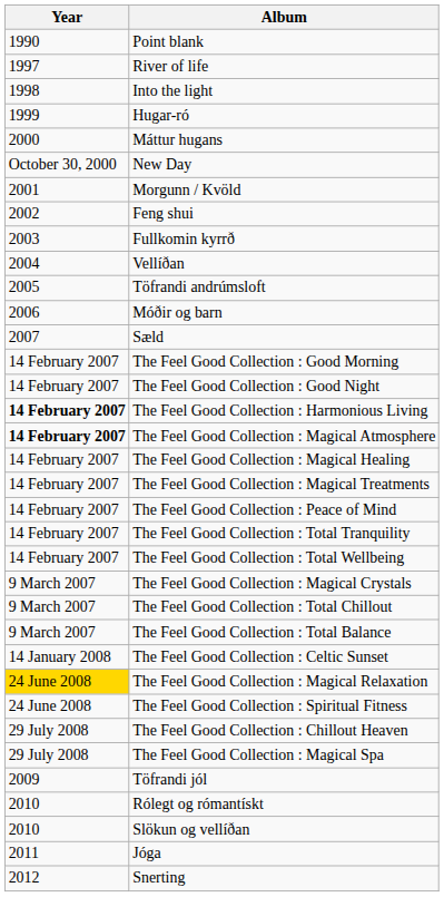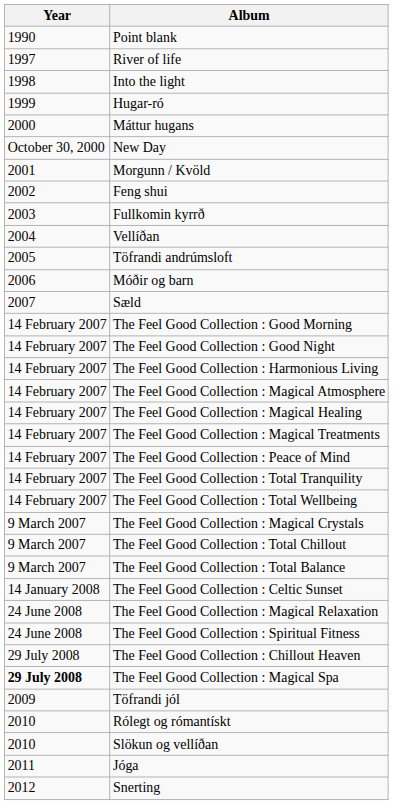 <table class="wikitable">
 <tr>
 <th>Year</th>
 <th>Album</th>
 </tr>
 <tr>
 <td>1990</td>
 <td>Point blank</td>
 </tr>
 <tr>
 <td>1997</td>
 <td>River of life</td>
 </tr>
 <tr>
 <td>1998</td>
 <td>Into the light</td>
 </tr>
 <tr>
 <td>1999</td>
 <td>Hugar-ró</td>
 </tr>
 <tr>
 <td>2000</td>
 <td>Máttur hugans</td>
 </tr>
 <tr>
 <td>October 30, 2000</td>
 <td>New Day</td>
 </tr>
 <tr>
 <td>2001</td>
 <td>Morgunn / Kvöld</td>
 </tr>
 <tr>
 <td>2002</td>
 <td>Feng shui</td>
 </tr>
 <tr>
 <td>2003</td>
 <td>Fullkomin kyrrð</td>
 </tr>
 <tr>
 <td>2004</td>
 <td>Vellíðan</td>
 </tr>
 <tr>
 <td>2005</td>
 <td>Töfrandi andrúmsloft</td>
 </tr>
 <tr>
 <td>2006</td>
 <td>Móðir og barn</td>
 </tr>
 <tr>
 <td>2007</td>
 <td>Sæld</td>
 </tr>
 <tr>
 <td>14 February 2007</td>
 <td>The Feel Good Collection : Good Morning</td>
 </tr>
 <tr>
 <td>14 February 2007</td>
 <td>The Feel Good Collection : Good Night</td>
 </tr>
 <tr>
-<td><strong>14 February 2007</strong></td>
+<td>14 February 2007</td>
 <td>The Feel Good Collection : Harmonious Living</td>
 </tr>
 <tr>
-<td><strong>14 February 2007</strong></td>
+<td>14 February 2007</td>
 <td>The Feel Good Collection : Magical Atmosphere</td>
 </tr>
 <tr>
 <td>14 February 2007</td>
 <td>The Feel Good Collection : Magical Healing</td>
 </tr>
 <tr>
 <td>14 February 2007</td>
 <td>The Feel Good Collection : Magical Treatments</td>
 </tr>
 <tr>
 <td>14 February 2007</td>
 <td>The Feel Good Collection : Peace of Mind</td>
 </tr>
 <tr>
 <td>14 February 2007</td>
 <td>The Feel Good Collection : Total Tranquility</td>
 </tr>
 <tr>
 <td>14 February 2007</td>
 <td>The Feel Good Collection : Total Wellbeing</td>
 </tr>
 <tr>
 <td>9 March 2007</td>
 <td>The Feel Good Collection : Magical Crystals</td>
 </tr>
 <tr>
 <td>9 March 2007</td>
 <td>The Feel Good Collection : Total Chillout</td>
 </tr>
 <tr>
 <td>9 March 2007</td>
 <td>The Feel Good Collection : Total Balance</td>
 </tr>
 <tr>
 <td>14 January 2008</td>
 <td>The Feel Good Collection : Celtic Sunset</td>
 </tr>
 <tr>
-<td style="background: gold;">24 June 2008</td>
+<td>24 June 2008</td>
 <td>The Feel Good Collection : Magical Relaxation</td>
 </tr>
 <tr>
 <td>24 June 2008</td>
 <td>The Feel Good Collection : Spiritual Fitness</td>
 </tr>
 <tr>
 <td>29 July 2008</td>
 <td>The Feel Good Collection : Chillout Heaven</td>
 </tr>
 <tr>
-<td>29 July 2008</td>
+<td><strong>29 July 2008</strong></td>
 <td>The Feel Good Collection : Magical Spa</td>
 </tr>
 <tr>
 <td>2009</td>
 <td>Töfrandi jól</td>
 </tr>
 <tr>
 <td>2010</td>
 <td>Rólegt og rómantískt</td>
 </tr>
 <tr>
 <td>2010</td>
 <td>Slökun og vellíðan</td>
 </tr>
 <tr>
 <td>2011</td>
 <td>Jóga</td>
 </tr>
 <tr>
 <td>2012</td>
 <td>Snerting</td>
 </tr>
 </table>
